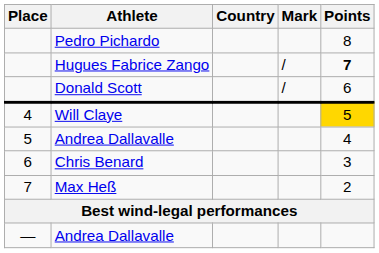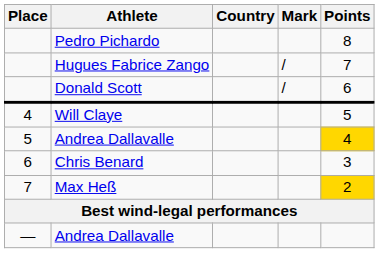 <table class="wikitable">
 <tr>
 <th>Place</th>
 <th>Athlete</th>
 <th>Country</th>
 <th>Mark</th>
 <th>Points</th>
 </tr>
 <tr>
 <td align=center></td>
 <td><a href='#'>Pedro Pichardo</a></td>
 <td></td>
 <td> </td>
 <td align=center>8</td>
 </tr>
 <tr>
 <td align=center></td>
 <td><a href='#'>Hugues Fabrice Zango</a></td>
 <td></td>
 <td>  /<br><em> </em></td>
-<td align=center><strong>7</strong></td>
+<td align=center>7</td>
 </tr>
 <tr>
 <td align=center></td>
 <td><a href='#'>Donald Scott</a></td>
 <td></td>
 <td>  /<br><em> </em></td>
 <td align=center>6</td>
 </tr>
 <tr style="border-top:3px solid black;">
 <td align=center>4</td>
 <td><a href='#'>Will Claye</a></td>
 <td></td>
 <td> </td>
-<td align=center style="background: gold;">5</td>
+<td align=center>5</td>
 </tr>
 <tr>
 <td align=center>5</td>
 <td><a href='#'>Andrea Dallavalle</a></td>
 <td></td>
 <td> </td>
-<td align=center>4</td>
+<td align=center style="background: gold;">4</td>
 </tr>
 <tr>
 <td align=center>6</td>
 <td><a href='#'>Chris Benard</a></td>
 <td></td>
 <td> </td>
 <td align=center>3</td>
 </tr>
 <tr>
 <td align=center>7</td>
 <td><a href='#'>Max Heß</a></td>
 <td></td>
 <td> </td>
-<td align=center>2</td>
+<td align=center style="background: gold;">2</td>
 </tr>
 <tr>
 <th align=center colspan=5>Best wind-legal performances</th>
 </tr>
 <tr>
 <td align=center>—</td>
 <td><a href='#'>Andrea Dallavalle</a></td>
 <td></td>
 <td> </td>
 <td align=center></td>
 </tr>
 </table>
